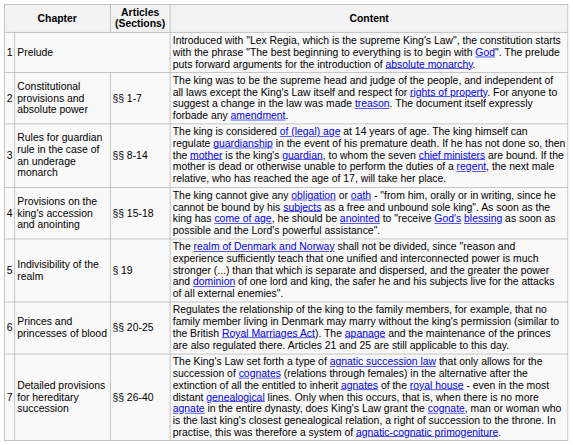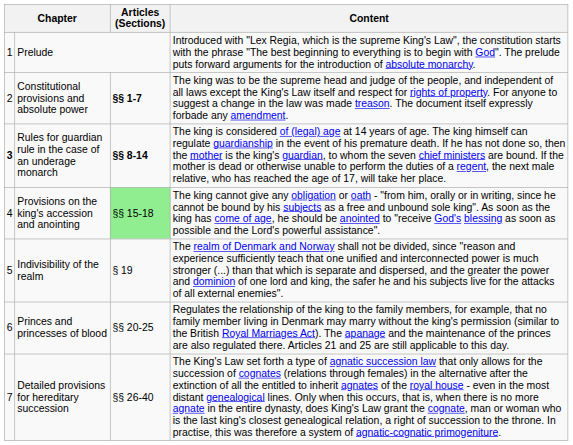 <table class="wikitable">
 <tr>
 <th colspan="2">Chapter</th>
 <th>Articles (Sections)</th>
 <th>Content</th>
 </tr>
 <tr>
 <td>1</td>
 <td colspan="2">Prelude</td>
 <td>Introduced with "Lex Regia, which is the supreme King's Law", the constitution starts with the phrase "The best beginning to everything is to begin with <a href='#'>God</a>". The prelude puts forward arguments for the introduction of <a href='#'>absolute monarchy</a>.</td>
 </tr>
 <tr>
 <td>2</td>
 <td>Constitutional provisions and absolute power</td>
-<td>§§ 1-7</td>
+<td><strong>§§ 1-7</strong></td>
 <td>The king was to be the supreme head and judge of the people, and independent of all laws except the King's Law itself and respect for <a href='#'>rights of property</a>. For anyone to suggest a change in the law was made <a href='#'>treason</a>. The document itself expressly forbade any <a href='#'>amendment</a>.</td>
 </tr>
 <tr>
-<td>3</td>
+<td><strong>3</strong></td>
 <td>Rules for guardian rule in the case of an underage monarch</td>
-<td>§§ 8-14</td>
+<td><strong>§§ 8-14</strong></td>
 <td>The king is considered <a href='#'>of (legal) age</a> at 14 years of age. The king himself can regulate <a href='#'>guardianship</a> in the event of his premature death. If he has not done so, then the <a href='#'>mother</a> is the king's <a href='#'>guardian</a>, to whom the seven <a href='#'>chief ministers</a> are bound. If the mother is dead or otherwise unable to perform the duties of a <a href='#'>regent</a>, the next male relative, who has reached the age of 17, will take her place.</td>
 </tr>
 <tr>
 <td>4</td>
 <td>Provisions on the king's accession and anointing</td>
-<td>§§ 15-18</td>
+<td style="background: lightgreen;">§§ 15-18</td>
 <td>The king cannot give any <a href='#'>obligation</a> or <a href='#'>oath</a> - "from him, orally or in writing, since he cannot be bound by his <a href='#'>subjects</a> as a free and unbound sole king". As soon as the king has <a href='#'>come of age</a>, he should be <a href='#'> anointed</a> to "receive <a href='#'>God's</a> <a href='#'>blessing</a> as soon as possible and the Lord's powerful assistance".</td>
 </tr>
 <tr>
 <td>5</td>
 <td>Indivisibility of the realm</td>
 <td>§ 19</td>
 <td>The <a href='#'>realm of Denmark and Norway</a> shall not be divided, since "reason and experience sufficiently teach that one unified and interconnected power is much stronger (...) than that which is separate and dispersed, and the greater the power and <a href='#'>dominion</a> of one lord and king, the safer he and his subjects live for the attacks of all external enemies".</td>
 </tr>
 <tr>
 <td>6</td>
 <td>Princes and princesses of blood</td>
 <td>§§ 20-25</td>
 <td>Regulates the relationship of the king to the family members, for example, that no family member living in Denmark may marry without the king's permission (similar to the British <a href='#'>Royal Marriages Act</a>). The <a href='#'>apanage</a> and the maintenance of the princes are also regulated there. Articles 21 and 25 are still applicable to this day.</td>
 </tr>
 <tr>
 <td>7</td>
 <td>Detailed provisions for hereditary succession</td>
 <td>§§ 26-40</td>
 <td>The King's Law set forth a type of <a href='#'>agnatic succession law</a> that only allows for the succession of <a href='#'>cognates</a> (relations through females) in the alternative after the extinction of all the entitled to inherit <a href='#'>agnates</a> of the <a href='#'>royal house</a> - even in the most distant <a href='#'>genealogical</a> lines. Only when this occurs, that is, when there is no more <a href='#'>agnate</a> in the entire dynasty, does King's Law grant the <a href='#'>cognate</a>, man or woman who is the last king's closest genealogical relation, a right of succession to the throne. In practise, this was therefore a system of <a href='#'>agnatic-cognatic primogeniture</a>.</td>
 </tr>
 </table>
